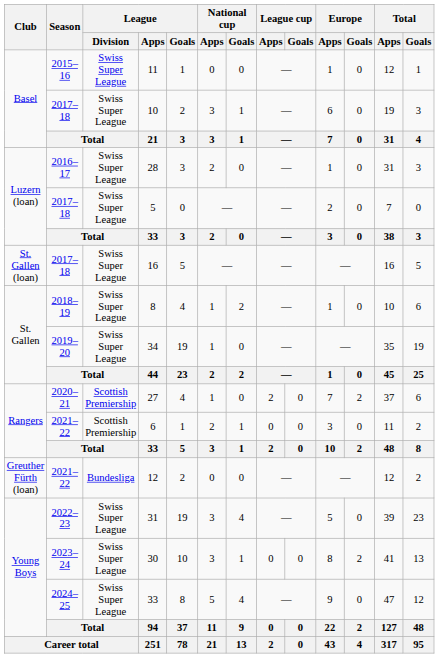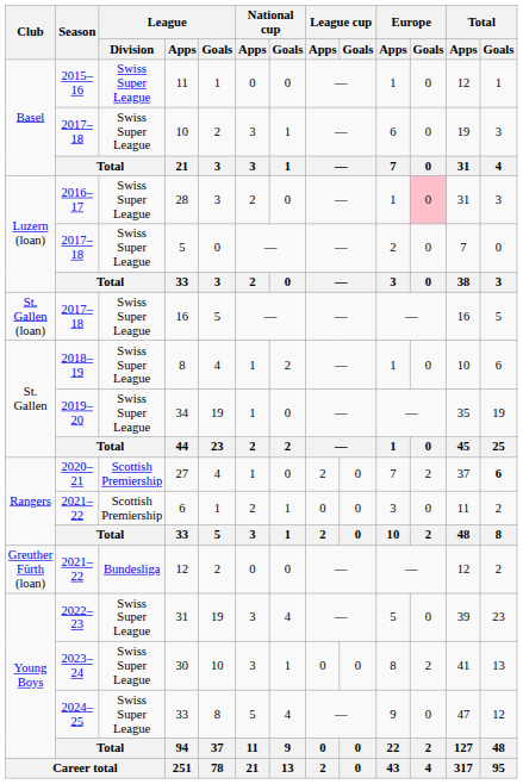 <table class="wikitable" style="text-align:center">
 <tr>
 <th rowspan="2">Club</th>
 <th rowspan="2">Season</th>
 <th colspan="3">League</th>
 <th colspan="2">National cup</th>
 <th colspan="2">League cup</th>
 <th colspan="2">Europe</th>
 <th colspan="2">Total</th>
 </tr>
 <tr>
 <th>Division</th>
 <th>Apps</th>
 <th>Goals</th>
 <th>Apps</th>
 <th>Goals</th>
 <th>Apps</th>
 <th>Goals</th>
 <th>Apps</th>
 <th>Goals</th>
 <th>Apps</th>
 <th>Goals</th>
 </tr>
 <tr>
 <td rowspan="3"><a href='#'>Basel</a></td>
 <td><a href='#'>2015–16</a></td>
 <td><a href='#'>Swiss Super League</a></td>
 <td>11</td>
 <td>1</td>
 <td>0</td>
 <td>0</td>
 <td colspan="2">—</td>
 <td>1</td>
 <td>0</td>
 <td>12</td>
 <td>1</td>
 </tr>
 <tr>
 <td><a href='#'>2017–18</a></td>
 <td>Swiss Super League</td>
 <td>10</td>
 <td>2</td>
 <td>3</td>
 <td>1</td>
 <td colspan="2">—</td>
 <td>6</td>
 <td>0</td>
 <td>19</td>
 <td>3</td>
 </tr>
 <tr>
 <th colspan="2">Total</th>
 <th>21</th>
 <th>3</th>
 <th>3</th>
 <th>1</th>
 <th colspan="2">—</th>
 <th>7</th>
 <th>0</th>
 <th>31</th>
 <th>4</th>
 </tr>
 <tr>
 <td rowspan="3"><a href='#'>Luzern</a> (loan)</td>
 <td><a href='#'>2016–17</a></td>
 <td>Swiss Super League</td>
 <td>28</td>
 <td>3</td>
 <td>2</td>
 <td>0</td>
 <td colspan="2">—</td>
 <td>1</td>
-<td>0</td>
+<td style="background: pink;">0</td>
 <td>31</td>
 <td>3</td>
 </tr>
 <tr>
 <td><a href='#'>2017–18</a></td>
 <td>Swiss Super League</td>
 <td>5</td>
 <td>0</td>
 <td colspan="2">—</td>
 <td colspan="2">—</td>
 <td>2</td>
 <td>0</td>
 <td>7</td>
 <td>0</td>
 </tr>
 <tr>
 <th colspan="2">Total</th>
 <th>33</th>
 <th>3</th>
 <th>2</th>
 <th>0</th>
 <th colspan="2">—</th>
 <th>3</th>
 <th>0</th>
 <th>38</th>
 <th>3</th>
 </tr>
 <tr>
 <td><a href='#'>St. Gallen</a> (loan)</td>
 <td><a href='#'>2017–18</a></td>
 <td>Swiss Super League</td>
 <td>16</td>
 <td>5</td>
 <td colspan="2">—</td>
 <td colspan="2">—</td>
 <td colspan="2">—</td>
 <td>16</td>
 <td>5</td>
 </tr>
 <tr>
 <td rowspan="3">St. Gallen</td>
 <td><a href='#'>2018–19</a></td>
 <td>Swiss Super League</td>
 <td>8</td>
 <td>4</td>
 <td>1</td>
 <td>2</td>
 <td colspan="2">—</td>
 <td>1</td>
 <td>0</td>
 <td>10</td>
 <td>6</td>
 </tr>
 <tr>
 <td><a href='#'>2019–20</a></td>
 <td>Swiss Super League</td>
 <td>34</td>
 <td>19</td>
 <td>1</td>
 <td>0</td>
 <td colspan="2">—</td>
 <td colspan="2">—</td>
 <td>35</td>
 <td>19</td>
 </tr>
 <tr>
 <th colspan="2">Total</th>
 <th>44</th>
 <th>23</th>
 <th>2</th>
 <th>2</th>
 <th colspan="2">—</th>
 <th>1</th>
 <th>0</th>
 <th>45</th>
 <th>25</th>
 </tr>
 <tr>
 <td rowspan="3"><a href='#'>Rangers</a></td>
 <td><a href='#'>2020–21</a></td>
 <td><a href='#'>Scottish Premiership</a></td>
 <td>27</td>
 <td>4</td>
 <td>1</td>
 <td>0</td>
 <td>2</td>
 <td>0</td>
 <td>7</td>
 <td>2</td>
 <td>37</td>
-<td>6</td>
+<td><strong>6</strong></td>
 </tr>
 <tr>
 <td><a href='#'>2021–22</a></td>
 <td>Scottish Premiership</td>
 <td>6</td>
 <td>1</td>
 <td>2</td>
 <td>1</td>
 <td>0</td>
 <td>0</td>
 <td>3</td>
 <td>0</td>
 <td>11</td>
 <td>2</td>
 </tr>
 <tr>
 <th colspan="2">Total</th>
 <th>33</th>
 <th>5</th>
 <th>3</th>
 <th>1</th>
 <th>2</th>
 <th>0</th>
 <th>10</th>
 <th>2</th>
 <th>48</th>
 <th>8</th>
 </tr>
 <tr>
 <td><a href='#'>Greuther Fürth</a> (loan)</td>
 <td><a href='#'>2021–22</a></td>
 <td><a href='#'>Bundesliga</a></td>
 <td>12</td>
 <td>2</td>
 <td>0</td>
 <td>0</td>
 <td colspan="2">—</td>
 <td colspan="2">—</td>
 <td>12</td>
 <td>2</td>
 </tr>
 <tr>
 <td rowspan="4"><a href='#'>Young Boys</a></td>
 <td><a href='#'>2022–23</a></td>
 <td>Swiss Super League</td>
 <td>31</td>
 <td>19</td>
 <td>3</td>
 <td>4</td>
 <td colspan="2">—</td>
 <td>5</td>
 <td>0</td>
 <td>39</td>
 <td>23</td>
 </tr>
 <tr>
 <td><a href='#'>2023–24</a></td>
 <td>Swiss Super League</td>
 <td>30</td>
 <td>10</td>
 <td>3</td>
 <td>1</td>
 <td>0</td>
 <td>0</td>
 <td>8</td>
 <td>2</td>
 <td>41</td>
 <td>13</td>
 </tr>
 <tr>
 <td><a href='#'>2024–25</a></td>
 <td>Swiss Super League</td>
 <td>33</td>
 <td>8</td>
 <td>5</td>
 <td>4</td>
 <td colspan="2">—</td>
 <td>9</td>
 <td>0</td>
 <td>47</td>
 <td>12</td>
 </tr>
 <tr>
 <th colspan="2">Total</th>
 <th>94</th>
 <th>37</th>
 <th>11</th>
 <th>9</th>
 <th>0</th>
 <th>0</th>
 <th>22</th>
 <th>2</th>
 <th>127</th>
 <th>48</th>
 </tr>
 <tr>
 <th colspan="3">Career total</th>
 <th>251</th>
 <th>78</th>
 <th>21</th>
 <th>13</th>
 <th>2</th>
 <th>0</th>
 <th>43</th>
 <th>4</th>
 <th>317</th>
 <th>95</th>
 </tr>
 </table>
